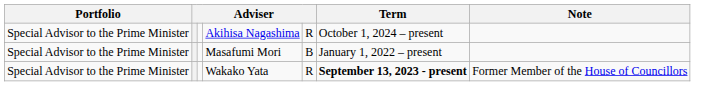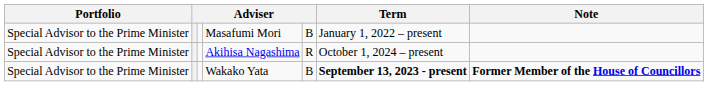 <table class="wikitable">
 <tr>
 <th>Portfolio</th>
 <th colspan="4">Adviser</th>
 <th>Term</th>
 <th>Note</th>
+</tr>
+<tr>
+<td>Special Advisor to the Prime Minister</td>
+<th style="color:inherit;background-color: "></th>
+<td></td>
+<td>Masafumi Mori</td>
+<td>B</td>
+<td>January 1, 2022 – present</td>
+<td></td>
 </tr>
 <tr>
 <td>Special Advisor to the Prime Minister</td>
 <th style="color:inherit;background-color: "></th>
 <td></td>
 <td><a href='#'>Akihisa Nagashima</a></td>
 <td>R</td>
 <td>October 1, 2024 – present</td>
 <td></td>
 </tr>
 <tr>
 <td>Special Advisor to the Prime Minister</td>
 <th style="color:inherit;background-color: "></th>
 <td></td>
-<td>Masafumi Mori</td>
+<td>Wakako Yata</td>
 <td>B</td>
-<td>January 1, 2022 – present</td>
-<td></td>
-</tr>
-<tr>
-<td>Special Advisor to the Prime Minister</td>
-<th style="color:inherit;background-color: "></th>
-<td></td>
-<td>Wakako Yata</td>
-<td>R</td>
 <td><strong>September 13, 2023 - present</strong></td>
-<td>Former Member of the <a href='#'>House of Councillors</a><br></td>
+<td><strong>Former Member of the <a href='#'>House of Councillors</a><br></strong></td>
 </tr>
 </table>
